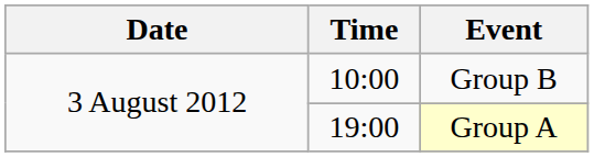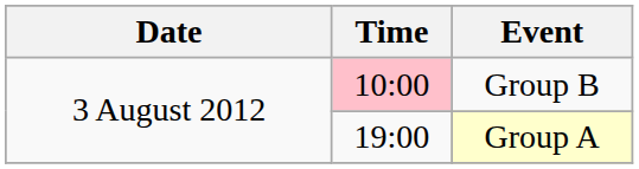 <table class = "wikitable" style="text-align:center;">
 <tr>
 <th width=150>Date</th>
 <th width=50>Time</th>
 <th width=80>Event</th>
 </tr>
 <tr>
 <td rowspan=2>3 August 2012</td>
-<td>10:00</td>
+<td style="background: pink;">10:00</td>
 <td>Group B</td>
 </tr>
 <tr>
 <td>19:00</td>
 <td bgcolor=ffffcc>Group A</td>
 </tr>
 </table>
